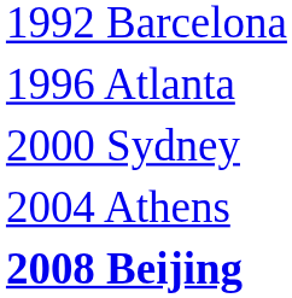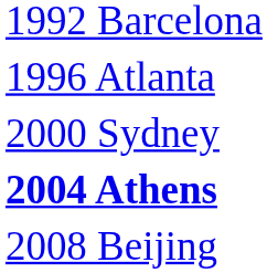 <table>
 <tr>
 <td><a href='#'>1992 Barcelona</a><br></td>
 <td></td>
 <td></td>
 <td></td>
 </tr>
 <tr>
 <td><a href='#'>1996 Atlanta</a><br></td>
 <td></td>
 <td></td>
 <td></td>
 </tr>
 <tr>
 <td><a href='#'>2000 Sydney</a><br></td>
 <td></td>
 <td></td>
 <td></td>
 </tr>
 <tr>
-<td><a href='#'>2004 Athens</a><br></td>
+<td><strong><a href='#'>2004 Athens</a><br></strong></td>
 <td></td>
 <td></td>
 <td></td>
 </tr>
 <tr>
-<td><strong><a href='#'>2008 Beijing</a><br></strong></td>
+<td><a href='#'>2008 Beijing</a><br></td>
 <td></td>
 <td></td>
 <td></td>
 </tr>
 </table>
